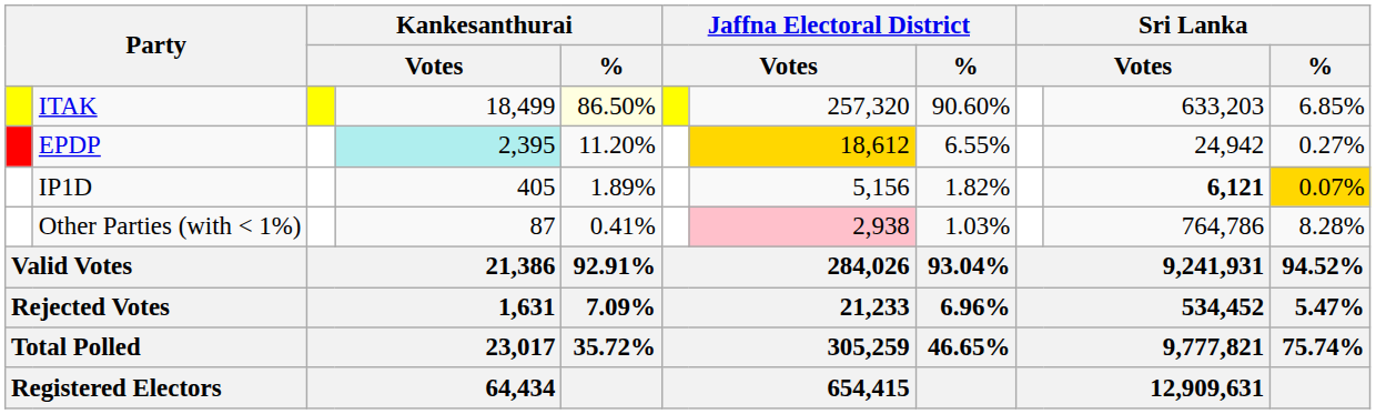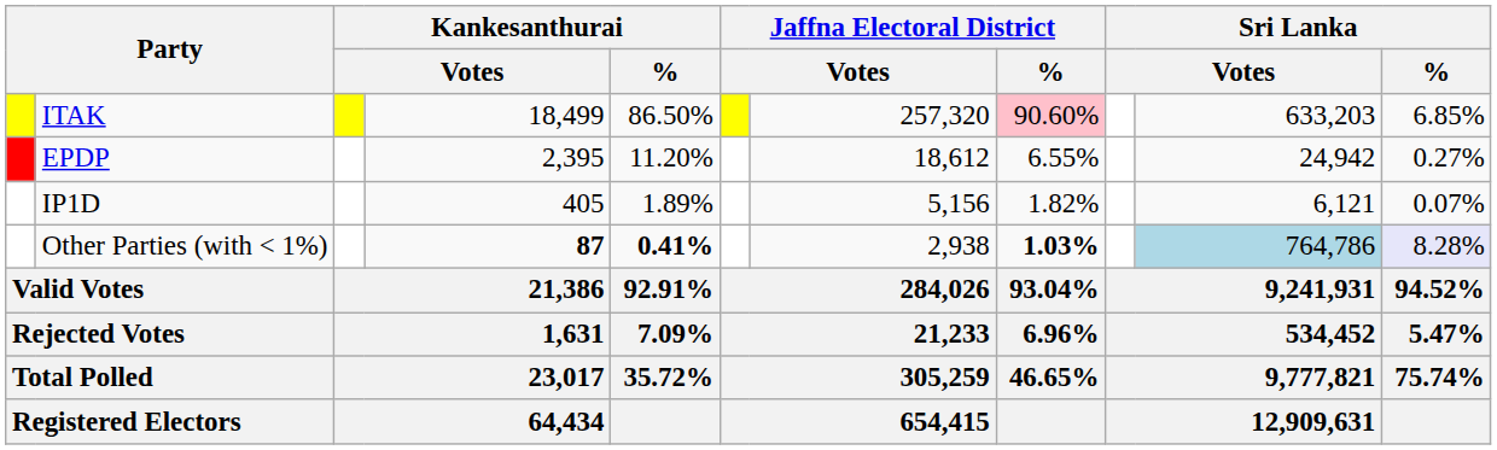 <table class="wikitable">
 <tr>
 <th colspan="2" width="144px"rowspan="2">Party</th>
 <th colspan="3" width="216px">Kankesanthurai</th>
 <th colspan="3" width="216px"><a href='#'>Jaffna Electoral District</a></th>
 <th colspan="3" width="216px">Sri Lanka</th>
 </tr>
 <tr>
 <th colspan="2" width="144px">Votes</th>
 <th>%</th>
 <th colspan="2" width="144px">Votes</th>
 <th>%</th>
 <th colspan="2" width="144px">Votes</th>
 <th>%</th>
 </tr>
 <tr>
 <td style="background-color:yellow;" width="10px"></td>
 <td style="text-align:left;"><a href='#'>ITAK</a></td>
 <td style="background-color:yellow;" width="10px"></td>
 <td style="text-align:right;">18,499</td>
-<td style="background: lightyellow; text-align:right;">86.50%</td>
+<td style="text-align:right;">86.50%</td>
 <td style="background-color:yellow;" width="10px"></td>
 <td style="text-align:right;">257,320</td>
-<td style="text-align:right;">90.60%</td>
+<td style="background: pink; text-align:right;">90.60%</td>
 <td style="background-color:white;" width="10px"></td>
 <td style="text-align:right;">633,203</td>
 <td style="text-align:right;">6.85%</td>
 </tr>
 <tr>
 <td style="background-color:red;" width="10px"></td>
 <td style="text-align:left;"><a href='#'>EPDP</a></td>
 <td style="background-color:white;" width="10px"></td>
-<td style="background: paleturquoise; text-align:right;">2,395</td>
+<td style="text-align:right;">2,395</td>
 <td style="text-align:right;">11.20%</td>
 <td style="background-color:white;" width="10px"></td>
-<td style="background: gold; text-align:right;">18,612</td>
+<td style="text-align:right;">18,612</td>
 <td style="text-align:right;">6.55%</td>
 <td style="background-color:white;" width="10px"></td>
 <td style="text-align:right;">24,942</td>
 <td style="text-align:right;">0.27%</td>
 </tr>
 <tr>
 <td style="background-color:white;" width="10px"></td>
 <td style="text-align:left;">IP1D</td>
 <td style="background-color:white;" width="10px"></td>
 <td style="text-align:right;">405</td>
 <td style="text-align:right;">1.89%</td>
 <td style="background-color:white;" width="10px"></td>
 <td style="text-align:right;">5,156</td>
 <td style="text-align:right;">1.82%</td>
 <td style="background-color:white;" width="10px"></td>
-<td style="text-align:right;"><strong>6,121</strong></td>
-<td style="background: gold; text-align:right;">0.07%</td>
+<td style="text-align:right;">6,121</td>
+<td style="text-align:right;">0.07%</td>
 </tr>
 <tr>
 <td style="background-color:white;" width="10px"></td>
 <td style="text-align:left;">Other Parties (with < 1%)</td>
 <td style="background-color:white;" width="10px"></td>
-<td style="text-align:right;">87</td>
-<td style="text-align:right;">0.41%</td>
+<td style="text-align:right;"><strong>87</strong></td>
+<td style="text-align:right;"><strong>0.41%</strong></td>
 <td style="background-color:white;" width="10px"></td>
-<td style="background: pink; text-align:right;">2,938</td>
-<td style="text-align:right;">1.03%</td>
+<td style="text-align:right;">2,938</td>
+<td style="text-align:right;"><strong>1.03%</strong></td>
 <td style="background-color:white;" width="10px"></td>
-<td style="text-align:right;">764,786</td>
-<td style="text-align:right;">8.28%</td>
+<td style="background: lightblue; text-align:right;">764,786</td>
+<td style="background: lavender; text-align:right;">8.28%</td>
 </tr>
 <tr>
 <th colspan="2" width="144px"style="text-align:left;">Valid Votes</th>
 <th style="text-align:right;"colspan="2" width="144px">21,386</th>
 <th style="text-align:right;">92.91%</th>
 <th style="text-align:right;"colspan="2" width="144px">284,026</th>
 <th style="text-align:right;">93.04%</th>
 <th style="text-align:right;"colspan="2" width="144px">9,241,931</th>
 <th style="text-align:right;">94.52%</th>
 </tr>
 <tr>
 <th colspan="2" width="144px"style="text-align:left;">Rejected Votes</th>
 <th style="text-align:right;"colspan="2" width="144px">1,631</th>
 <th style="text-align:right;">7.09%</th>
 <th style="text-align:right;"colspan="2" width="144px">21,233</th>
 <th style="text-align:right;">6.96%</th>
 <th style="text-align:right;"colspan="2" width="144px">534,452</th>
 <th style="text-align:right;">5.47%</th>
 </tr>
 <tr>
 <th colspan="2" width="144px"style="text-align:left;">Total Polled</th>
 <th style="text-align:right;"colspan="2" width="144px">23,017</th>
 <th style="text-align:right;">35.72%</th>
 <th style="text-align:right;"colspan="2" width="144px">305,259</th>
 <th style="text-align:right;">46.65%</th>
 <th style="text-align:right;"colspan="2" width="144px">9,777,821</th>
 <th style="text-align:right;">75.74%</th>
 </tr>
 <tr>
 <th colspan="2" width="144px"style="text-align:left;">Registered Electors</th>
 <th style="text-align:right;"colspan="2" width="144px">64,434</th>
 <th></th>
 <th style="text-align:right;"colspan="2" width="144px">654,415</th>
 <th></th>
 <th style="text-align:right;"colspan="2" width="144px">12,909,631</th>
 <th></th>
 </tr>
 </table>
